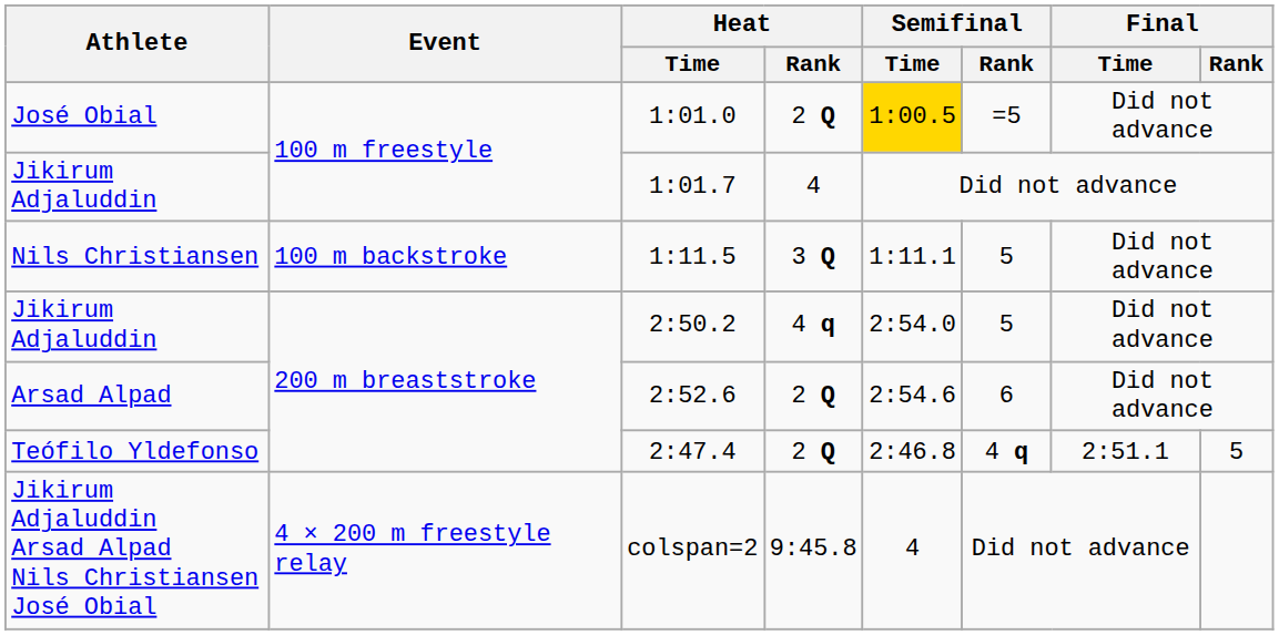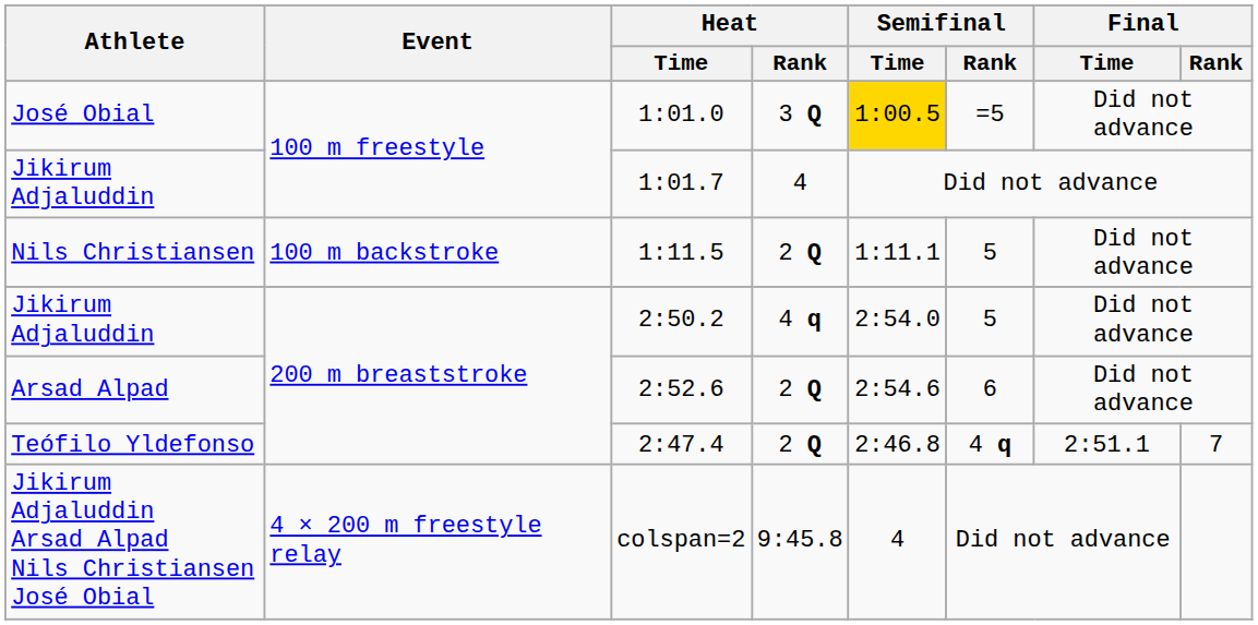 <table class=wikitable style="font-size:90%">
 <tr>
 <th rowspan="2">Athlete</th>
 <th rowspan="2">Event</th>
 <th colspan="2">Heat</th>
 <th colspan="2">Semifinal</th>
 <th colspan="2">Final</th>
 </tr>
 <tr style="font-size:95%">
 <th>Time</th>
 <th>Rank</th>
 <th>Time</th>
 <th>Rank</th>
 <th>Time</th>
 <th>Rank</th>
 </tr>
 <tr align=center>
 <td align=left><a href='#'>José Obial</a></td>
 <td rowspan=2 align=left><a href='#'>100 m freestyle</a></td>
 <td>1:01.0</td>
-<td>2 <strong>Q</strong></td>
+<td>3 <strong>Q</strong></td>
 <td style="background: gold;">1:00.5</td>
 <td>=5</td>
 <td colspan=2>Did not advance</td>
 </tr>
 <tr align=center>
 <td align=left><a href='#'>Jikirum Adjaluddin</a></td>
 <td>1:01.7</td>
 <td>4</td>
 <td colspan=4>Did not advance</td>
 </tr>
 <tr align=center>
 <td align=left><a href='#'>Nils Christiansen</a></td>
 <td align=left><a href='#'>100 m backstroke</a></td>
 <td>1:11.5</td>
-<td>3 <strong>Q</strong></td>
+<td>2 <strong>Q</strong></td>
 <td>1:11.1</td>
 <td>5</td>
 <td colspan=2>Did not advance</td>
 </tr>
 <tr align=center>
 <td align=left><a href='#'>Jikirum Adjaluddin</a></td>
 <td rowspan=3 align=left><a href='#'>200 m breaststroke</a></td>
 <td>2:50.2</td>
 <td>4 <strong>q</strong></td>
 <td>2:54.0</td>
 <td>5</td>
 <td colspan=2>Did not advance</td>
 </tr>
 <tr align=center>
 <td align=left><a href='#'>Arsad Alpad</a></td>
 <td>2:52.6</td>
 <td>2 <strong>Q</strong></td>
 <td>2:54.6</td>
 <td>6</td>
 <td colspan=2>Did not advance</td>
 </tr>
 <tr align=center>
 <td align=left><a href='#'>Teófilo Yldefonso</a></td>
 <td>2:47.4</td>
 <td>2 <strong>Q</strong></td>
 <td>2:46.8</td>
 <td>4 <strong>q</strong></td>
 <td>2:51.1</td>
-<td>5</td>
+<td>7</td>
 </tr>
 <tr align=center>
 <td align=left><a href='#'>Jikirum Adjaluddin</a><br><a href='#'>Arsad Alpad</a><br><a href='#'>Nils Christiansen</a><br><a href='#'>José Obial</a></td>
 <td rowspan=3 align=left><a href='#'>4 × 200 m freestyle relay</a></td>
 <td>colspan=2 </td>
 <td>9:45.8</td>
 <td>4</td>
 <td colspan=2>Did not advance</td>
 </tr>
 </table>
